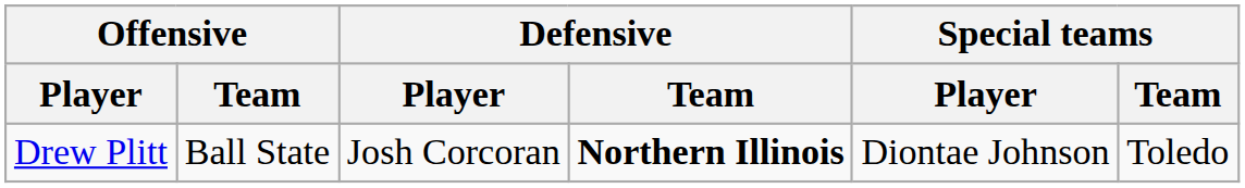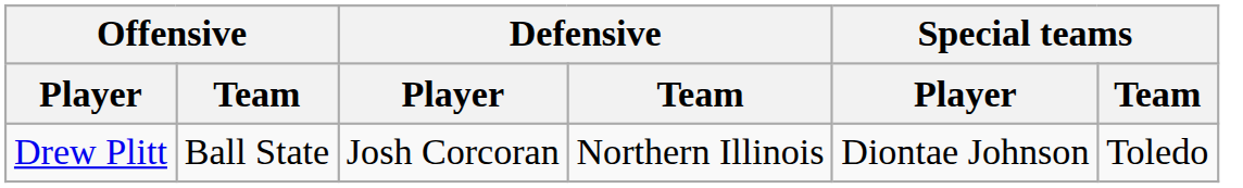 <table class="wikitable" style="display: inline-table;">
 <tr>
 <th colspan="2">Offensive</th>
 <th colspan="2">Defensive</th>
 <th colspan="2">Special teams</th>
 </tr>
 <tr>
 <th>Player</th>
 <th>Team</th>
 <th>Player</th>
 <th>Team</th>
 <th>Player</th>
 <th>Team</th>
 </tr>
 <tr>
 <td><a href='#'>Drew Plitt</a></td>
 <td>Ball State</td>
 <td>Josh Corcoran</td>
-<td><strong>Northern Illinois</strong></td>
+<td>Northern Illinois</td>
 <td>Diontae Johnson</td>
 <td>Toledo</td>
 </tr>
 </table>
